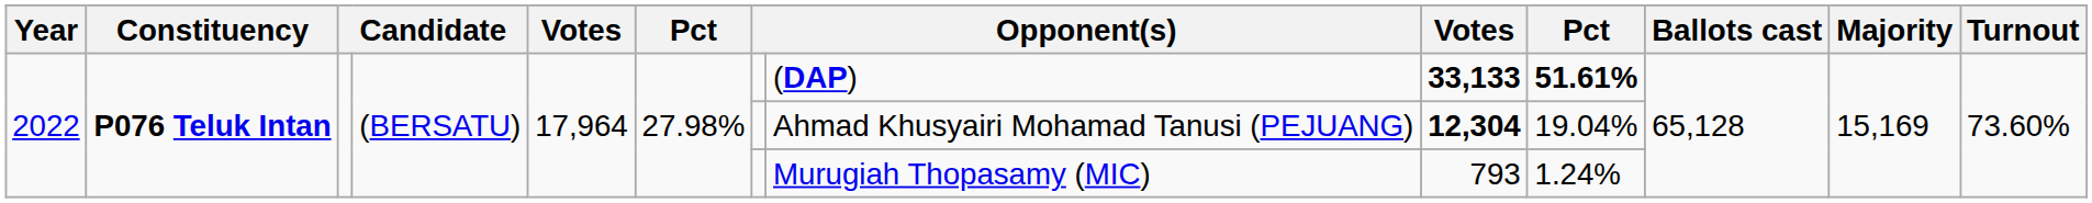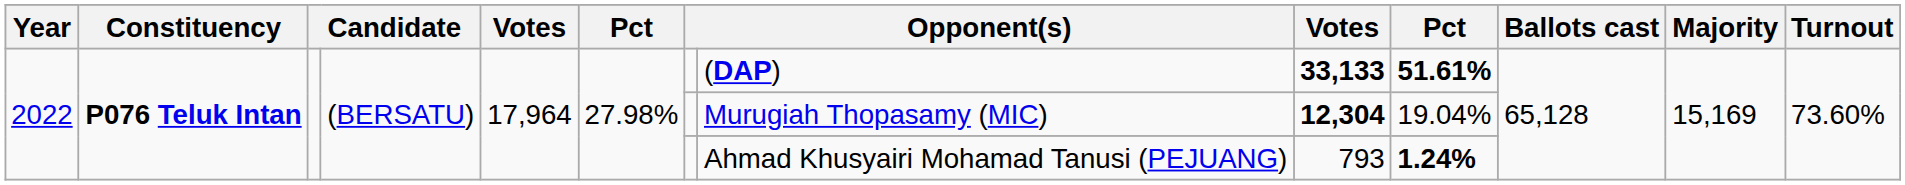 <table class="wikitable" style="margin:0.5em ; font-size:95%">
 <tr>
 <th>Year</th>
 <th>Constituency</th>
 <th colspan=2>Candidate</th>
 <th>Votes</th>
 <th>Pct</th>
 <th colspan=2>Opponent(s)</th>
 <th>Votes</th>
 <th>Pct</th>
 <th>Ballots cast</th>
 <th>Majority</th>
 <th>Turnout</th>
 </tr>
 <tr>
 <td rowspan=3><a href='#'>2022</a></td>
 <td rowspan=3><strong>P076 <a href='#'>Teluk Intan</a></strong></td>
 <td rowspan=3 bgcolor=></td>
 <td rowspan=3> (<a href='#'>BERSATU</a>)</td>
 <td rowspan=3 align="right">17,964</td>
 <td rowspan=3>27.98%</td>
 <td></td>
 <td> (<a href='#'><strong>DAP</strong></a>)</td>
 <td align="right"><strong>33,133</strong></td>
 <td><strong>51.61%</strong></td>
 <td rowspan=3>65,128</td>
 <td rowspan=3>15,169</td>
 <td rowspan=3>73.60%</td>
 </tr>
 <tr>
 <td></td>
-<td>Ahmad Khusyairi Mohamad Tanusi (<a href='#'>PEJUANG</a>)</td>
+<td><a href='#'>Murugiah Thopasamy</a> (<a href='#'>MIC</a>)</td>
 <td align="right"><strong>12,304</strong></td>
 <td>19.04%</td>
 </tr>
 <tr>
 <td bgcolor=></td>
-<td><a href='#'>Murugiah Thopasamy</a> (<a href='#'>MIC</a>)</td>
+<td>Ahmad Khusyairi Mohamad Tanusi (<a href='#'>PEJUANG</a>)</td>
 <td align="right">793</td>
-<td>1.24%</td>
+<td><strong>1.24%</strong></td>
 </tr>
 </table>
